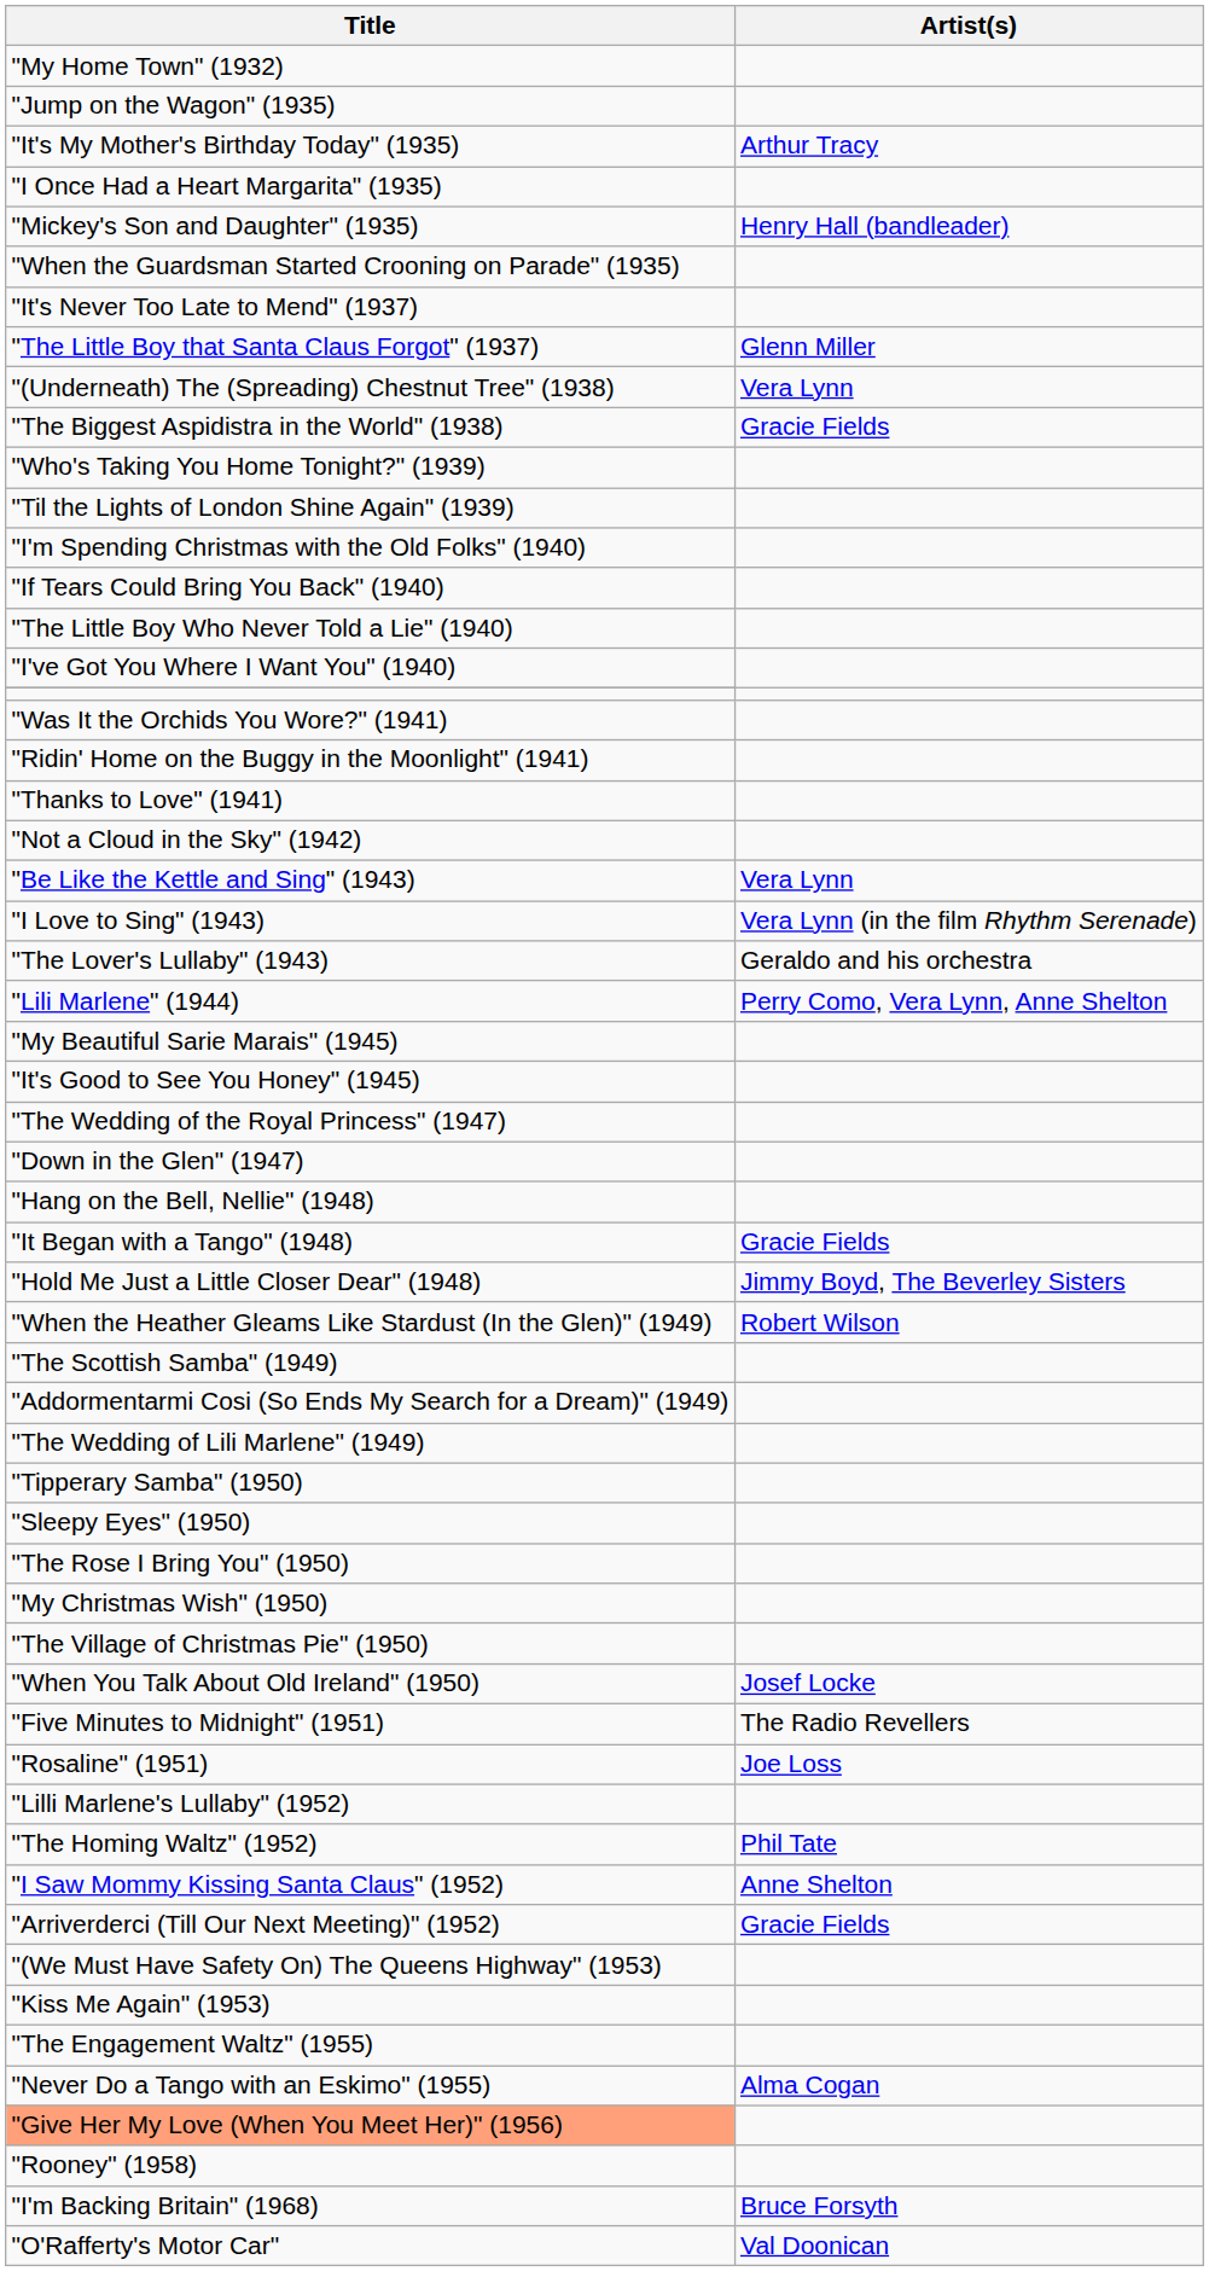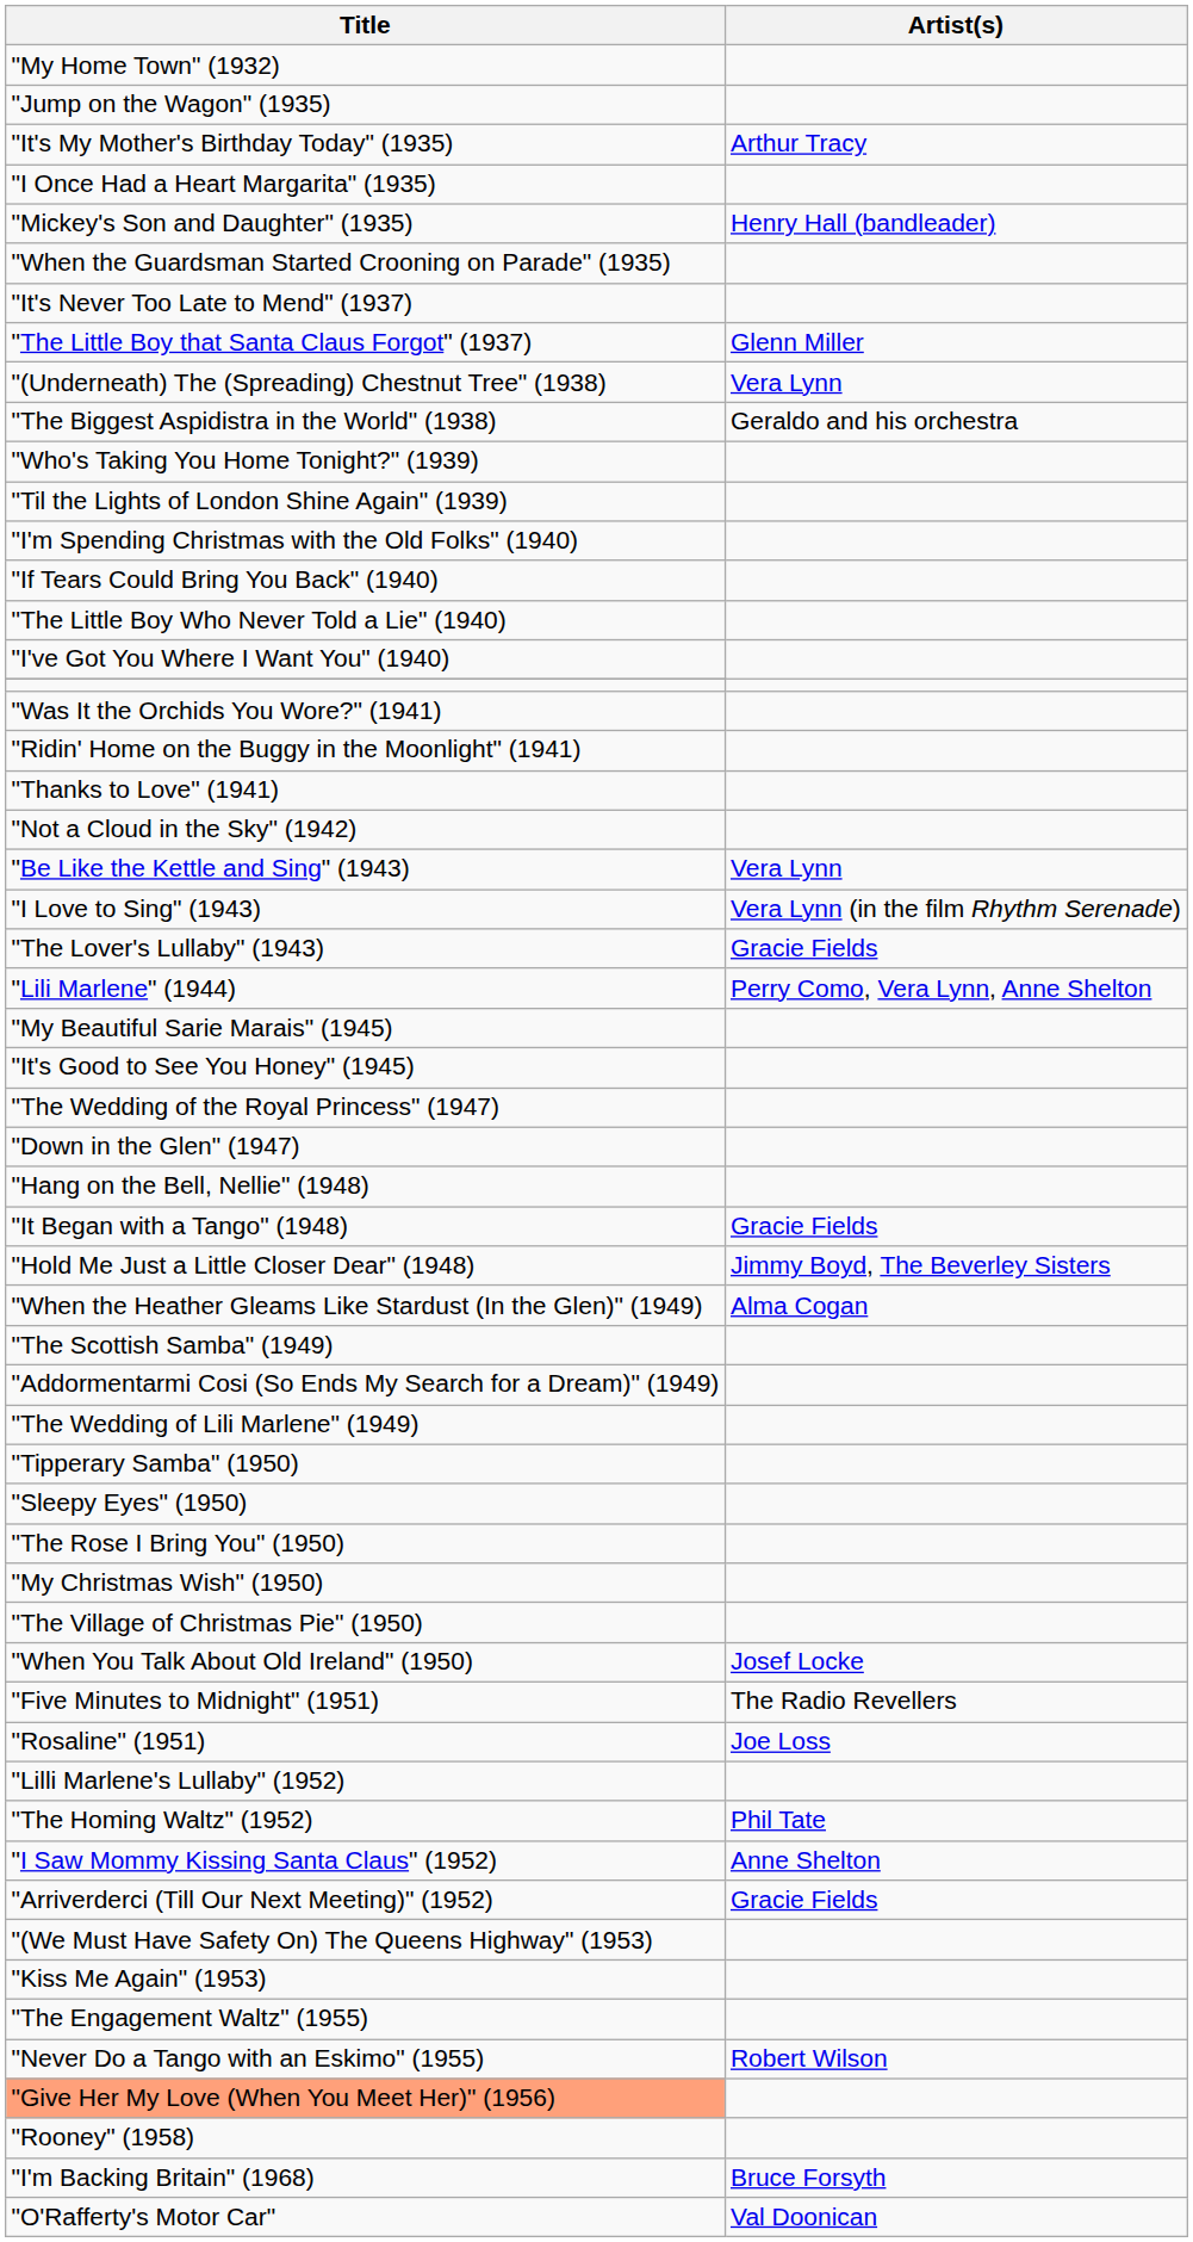 <table class="wikitable" border="1">
 <tr>
 <th>Title</th>
 <th>Artist(s)</th>
 </tr>
 <tr>
 <td>"My Home Town" (1932)</td>
 <td></td>
 </tr>
 <tr>
 <td>"Jump on the Wagon" (1935)</td>
 <td></td>
 </tr>
 <tr>
 <td>"It's My Mother's Birthday Today" (1935)</td>
 <td><a href='#'>Arthur Tracy</a></td>
 </tr>
 <tr>
 <td>"I Once Had a Heart Margarita" (1935)</td>
 <td></td>
 </tr>
 <tr>
 <td>"Mickey's Son and Daughter" (1935)</td>
 <td><a href='#'>Henry Hall (bandleader)</a></td>
 </tr>
 <tr>
 <td>"When the Guardsman Started Crooning on Parade" (1935)</td>
 <td></td>
 </tr>
 <tr>
 <td>"It's Never Too Late to Mend" (1937)</td>
 <td></td>
 </tr>
 <tr>
 <td>"<a href='#'>The Little Boy that Santa Claus Forgot</a>" (1937)</td>
 <td><a href='#'>Glenn Miller</a></td>
 </tr>
 <tr>
 <td>"(Underneath) The (Spreading) Chestnut Tree" (1938)</td>
 <td><a href='#'>Vera Lynn</a></td>
 </tr>
 <tr>
 <td>"The Biggest Aspidistra in the World" (1938)</td>
-<td><a href='#'>Gracie Fields</a></td>
+<td>Geraldo and his orchestra</td>
 </tr>
 <tr>
 <td>"Who's Taking You Home Tonight?" (1939)</td>
 <td></td>
 </tr>
 <tr>
 <td>"Til the Lights of London Shine Again" (1939)</td>
 <td></td>
 </tr>
 <tr>
 <td>"I'm Spending Christmas with the Old Folks" (1940)</td>
 <td></td>
 </tr>
 <tr>
 <td>"If Tears Could Bring You Back" (1940)</td>
 <td></td>
 </tr>
 <tr>
 <td>"The Little Boy Who Never Told a Lie" (1940)</td>
 <td></td>
 </tr>
 <tr>
 <td>"I've Got You Where I Want You" (1940)</td>
 <td></td>
 </tr>
 <tr>
 </tr>
 <tr "Thanks Mr Roosevelt" (1941)>
 <td></td>
 </tr>
 <tr>
 <td>"Was It the Orchids You Wore?" (1941)</td>
 <td></td>
 </tr>
 <tr>
 <td>"Ridin' Home on the Buggy in the Moonlight" (1941)</td>
 <td></td>
 </tr>
 <tr>
 <td>"Thanks to Love" (1941)</td>
 <td></td>
 </tr>
 <tr>
 <td>"Not a Cloud in the Sky" (1942)</td>
 <td></td>
 </tr>
 <tr>
 <td>"<a href='#'>Be Like the Kettle and Sing</a>" (1943)</td>
 <td><a href='#'>Vera Lynn</a></td>
 </tr>
 <tr>
 <td>"I Love to Sing" (1943)</td>
 <td><a href='#'>Vera Lynn</a> (in the film <em>Rhythm Serenade</em>)</td>
 </tr>
 <tr>
 <td>"The Lover's Lullaby" (1943)</td>
-<td>Geraldo and his orchestra</td>
+<td><a href='#'>Gracie Fields</a></td>
 </tr>
 <tr>
 <td>"<a href='#'>Lili Marlene</a>" (1944)</td>
 <td><a href='#'>Perry Como</a>, <a href='#'>Vera Lynn</a>, <a href='#'>Anne Shelton</a></td>
 </tr>
 <tr>
 <td>"My Beautiful Sarie Marais" (1945)</td>
 <td></td>
 </tr>
 <tr>
 <td>"It's Good to See You Honey" (1945)</td>
 <td></td>
 </tr>
 <tr>
 <td>"The Wedding of the Royal Princess" (1947)</td>
 <td></td>
 </tr>
 <tr>
 <td>"Down in the Glen" (1947)</td>
 <td></td>
 </tr>
 <tr>
 <td>"Hang on the Bell, Nellie"  (1948)</td>
 <td></td>
 </tr>
 <tr>
 <td>"It Began with a Tango" (1948)</td>
 <td><a href='#'>Gracie Fields</a></td>
 </tr>
 <tr>
 <td>"Hold Me Just a Little Closer Dear" (1948)</td>
 <td><a href='#'>Jimmy Boyd</a>, <a href='#'>The Beverley Sisters</a></td>
 </tr>
 <tr>
 <td>"When the Heather Gleams Like Stardust (In the Glen)" (1949)</td>
-<td><a href='#'>Robert Wilson</a></td>
+<td><a href='#'>Alma Cogan</a></td>
 </tr>
 <tr>
 <td>"The Scottish Samba" (1949)</td>
 <td></td>
 </tr>
 <tr>
 <td>"Addormentarmi Cosi (So Ends My Search for a Dream)" (1949)</td>
 <td></td>
 </tr>
 <tr>
 <td>"The Wedding of Lili Marlene" (1949)</td>
 <td></td>
 </tr>
 <tr>
 <td>"Tipperary Samba" (1950)</td>
 <td></td>
 </tr>
 <tr>
 <td>"Sleepy Eyes" (1950)</td>
 <td></td>
 </tr>
 <tr>
 <td>"The Rose I Bring You" (1950)</td>
 <td></td>
 </tr>
 <tr>
 <td>"My Christmas Wish" (1950)</td>
 <td></td>
 </tr>
 <tr>
 <td>"The Village of Christmas Pie" (1950)</td>
 <td></td>
 </tr>
 <tr>
 <td>"When You Talk About Old Ireland" (1950)</td>
 <td><a href='#'>Josef Locke</a></td>
 </tr>
 <tr>
 <td>"Five Minutes to Midnight" (1951)</td>
 <td>The Radio Revellers</td>
 </tr>
 <tr>
 <td>"Rosaline" (1951)</td>
 <td><a href='#'>Joe Loss</a></td>
 </tr>
 <tr>
 <td>"Lilli Marlene's Lullaby" (1952)</td>
 <td></td>
 </tr>
 <tr>
 <td>"The Homing Waltz" (1952)</td>
 <td><a href='#'>Phil Tate</a></td>
 </tr>
 <tr>
 <td>"<a href='#'>I Saw Mommy Kissing Santa Claus</a>" (1952)</td>
 <td><a href='#'>Anne Shelton</a></td>
 </tr>
 <tr>
 <td>"Arriverderci (Till Our Next Meeting)" (1952)</td>
 <td><a href='#'>Gracie Fields</a></td>
 </tr>
 <tr>
 <td>"(We Must Have Safety On) The Queens Highway" (1953)</td>
 <td></td>
 </tr>
 <tr>
 <td>"Kiss Me Again" (1953)</td>
 <td></td>
 </tr>
 <tr>
 <td>"The Engagement Waltz" (1955)</td>
 <td></td>
 </tr>
 <tr>
 <td>"Never Do a Tango with an Eskimo" (1955)</td>
-<td><a href='#'>Alma Cogan</a></td>
+<td><a href='#'>Robert Wilson</a></td>
 </tr>
 <tr>
 <td style="background: lightsalmon;">"Give Her My Love (When You Meet Her)" (1956)</td>
 <td></td>
 </tr>
 <tr>
 <td>"Rooney" (1958)</td>
 <td></td>
 </tr>
 <tr>
 <td>"I'm Backing Britain" (1968)</td>
 <td><a href='#'>Bruce Forsyth</a></td>
 </tr>
 <tr>
 <td>"O'Rafferty's Motor Car"</td>
 <td><a href='#'>Val Doonican</a></td>
 </tr>
 </table>
